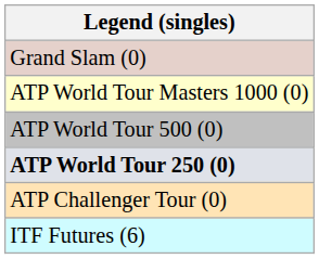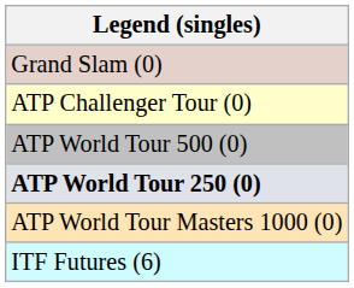 <table class=wikitable style=font-size:97%>
 <tr>
 <th>Legend (singles)</th>
 </tr>
 <tr bgcolor=#e5d1cb>
 <td>Grand Slam (0)</td>
 </tr>
 <tr bgcolor=ffffcc>
-<td>ATP World Tour Masters 1000 (0)</td>
+<td>ATP Challenger Tour (0)</td>
 </tr>
 <tr bgcolor=silver>
 <td>ATP World Tour 500 (0)</td>
 </tr>
 <tr bgcolor=#dfe2e9>
 <td><strong>ATP World Tour 250 (0)</strong></td>
 </tr>
 <tr bgcolor=moccasin>
-<td>ATP Challenger Tour (0)</td>
+<td>ATP World Tour Masters 1000 (0)</td>
 </tr>
 <tr bgcolor=CFFCFF>
 <td>ITF Futures (6)</td>
 </tr>
 </table>
